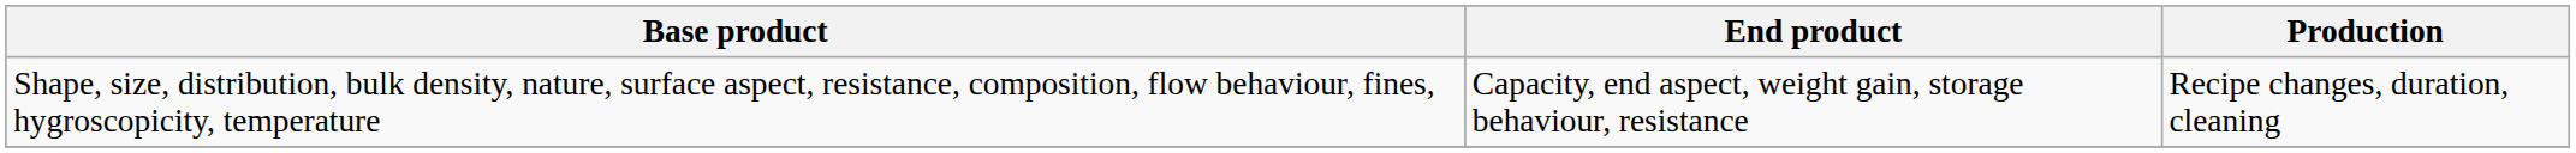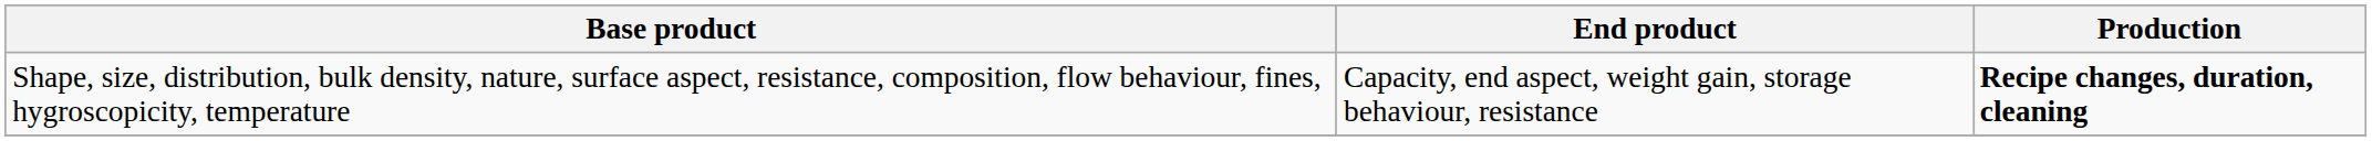 <table class="wikitable">
 <tr>
 <th>Base product</th>
 <th>End product</th>
 <th>Production</th>
 </tr>
 <tr>
 <td>Shape, size, distribution, bulk density, nature, surface aspect, resistance, composition, flow behaviour, fines, hygroscopicity, temperature</td>
 <td>Capacity, end aspect, weight gain, storage behaviour, resistance</td>
-<td>Recipe changes, duration, cleaning</td>
+<td><strong>Recipe changes, duration, cleaning</strong></td>
 </tr>
 <tr>
 </tr>
 </table>
